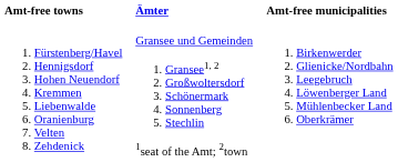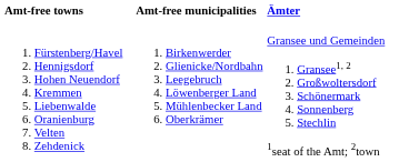 <table>
 <tr>
 <th width=33% align=left>Amt-free towns</th>
+<th width=33% align=left>Amt-free municipalities</th>
 <th width=33% align=left><a href='#'>Ämter</a></th>
-<th width=33% align=left>Amt-free municipalities</th>
 </tr>
 <tr valign=top>
 <td><br><ol><li><a href='#'>Fürstenberg/Havel</a></li><li><a href='#'>Hennigsdorf</a></li><li><a href='#'>Hohen Neuendorf</a></li><li><a href='#'>Kremmen</a></li><li><a href='#'>Liebenwalde</a></li><li><a href='#'>Oranienburg</a></li><li><a href='#'>Velten</a></li><li><a href='#'>Zehdenick</a></li></ol></td>
+<td><br><ol><li><a href='#'>Birkenwerder</a></li><li><a href='#'>Glienicke/Nordbahn</a></li><li><a href='#'>Leegebruch</a></li><li><a href='#'>Löwenberger Land</a></li><li><a href='#'>Mühlenbecker Land</a></li><li><a href='#'>Oberkrämer</a></li></ol></td>
 <td><br><a href='#'>Gransee und Gemeinden</a><ol><li><a href='#'>Gransee</a><sup>1, 2</sup></li><li><a href='#'>Großwoltersdorf</a></li><li><a href='#'>Schönermark</a></li><li><a href='#'>Sonnenberg</a></li><li><a href='#'>Stechlin</a></li></ol><sup>1</sup>seat of the Amt; <sup>2</sup>town</td>
-<td><br><ol><li><a href='#'>Birkenwerder</a></li><li><a href='#'>Glienicke/Nordbahn</a></li><li><a href='#'>Leegebruch</a></li><li><a href='#'>Löwenberger Land</a></li><li><a href='#'>Mühlenbecker Land</a></li><li><a href='#'>Oberkrämer</a></li></ol></td>
 </tr>
 </table>
